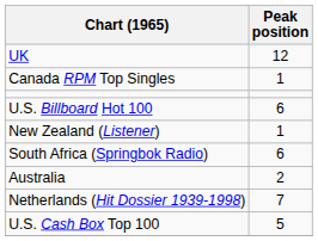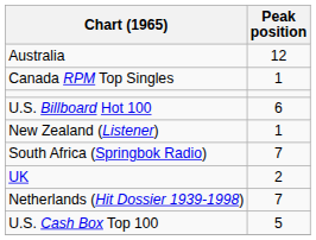 <table class="wikitable sortable">
 <tr>
 <th>Chart (1965)</th>
 <th>Peak<br>position</th>
 </tr>
 <tr>
-<td><a href='#'>UK</a></td>
+<td>Australia</td>
 <td style="text-align:center;">12</td>
 </tr>
 <tr>
 <td>Canada <em><a href='#'>RPM</a></em> Top Singles</td>
 <td style="text-align:center;">1</td>
 </tr>
 <tr>
 <td></td>
 </tr>
 <tr>
 <td>U.S. <em><a href='#'>Billboard</a></em> <a href='#'>Hot 100</a></td>
 <td style="text-align:center;">6</td>
 </tr>
 <tr>
 <td>New Zealand (<em><a href='#'>Listener</a></em>)</td>
 <td style="text-align:center;">1</td>
 </tr>
 <tr>
 <td>South Africa (<a href='#'>Springbok Radio</a>)</td>
-<td style="text-align:center;">6</td>
+<td style="text-align:center;">7</td>
 </tr>
 <tr>
-<td>Australia</td>
+<td><a href='#'>UK</a></td>
 <td style="text-align:center;">2</td>
 </tr>
 <tr>
 <td>Netherlands (<em><a href='#'>Hit Dossier 1939-1998</a></em>)</td>
 <td style="text-align:center;">7</td>
 </tr>
 <tr>
 <td>U.S. <a href='#'><em>Cash Box</em></a> Top 100</td>
 <td align="center">5</td>
 </tr>
 <tr>
 </tr>
 </table>
